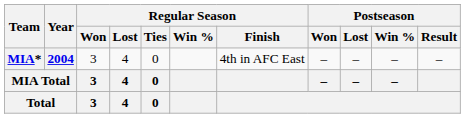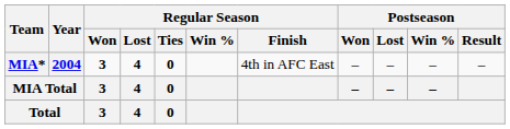 <table class="wikitable" style="font-size: 95%; text-align:center;">
 <tr>
 <th rowspan="2">Team</th>
 <th rowspan="2">Year</th>
 <th colspan="5">Regular Season</th>
 <th colspan="4">Postseason</th>
 </tr>
 <tr>
 <th>Won</th>
 <th>Lost</th>
 <th>Ties</th>
 <th>Win %</th>
 <th>Finish</th>
 <th>Won</th>
 <th>Lost</th>
 <th>Win %</th>
 <th>Result</th>
 </tr>
 <tr>
 <th><a href='#'>MIA</a>*</th>
 <th><a href='#'>2004</a></th>
-<td>3</td>
-<td>4</td>
-<td>0</td>
+<td><strong>3</strong></td>
+<td><strong>4</strong></td>
+<td><strong>0</strong></td>
 <td></td>
 <td>4th in AFC East</td>
 <td>–</td>
 <td>–</td>
 <td>–</td>
 <td>–</td>
 </tr>
 <tr>
 <th colspan="2">MIA Total</th>
 <th>3</th>
 <th>4</th>
 <th>0</th>
 <th></th>
 <th></th>
 <th>–</th>
 <th>–</th>
 <th>–</th>
 <th></th>
 </tr>
 <tr>
 <th colspan="2">Total</th>
 <th>3</th>
 <th>4</th>
 <th>0</th>
 <th></th>
 <th colspan="5"></th>
 </tr>
 </table>
